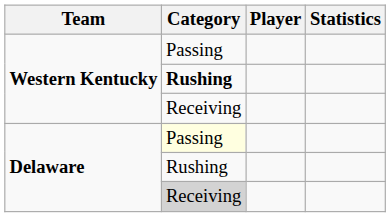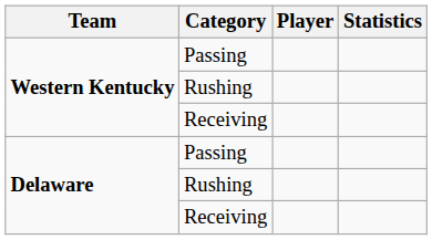 <table class="wikitable" style="float: right;">
 <tr>
 <th>Team</th>
 <th>Category</th>
 <th>Player</th>
 <th>Statistics</th>
 </tr>
 <tr>
 <td rowspan=3><strong>Western Kentucky</strong></td>
 <td>Passing</td>
 <td></td>
 <td></td>
 </tr>
 <tr>
-<td><strong>Rushing</strong></td>
+<td>Rushing</td>
 <td></td>
 <td></td>
 </tr>
 <tr>
 <td>Receiving</td>
 <td></td>
 <td></td>
 </tr>
 <tr>
 <td rowspan=3><strong>Delaware</strong></td>
-<td style="background: lightyellow;">Passing</td>
+<td>Passing</td>
 <td></td>
 <td></td>
 </tr>
 <tr>
 <td>Rushing</td>
 <td></td>
 <td></td>
 </tr>
 <tr>
-<td style="background: lightgrey;">Receiving</td>
+<td>Receiving</td>
 <td></td>
 <td></td>
 </tr>
 </table>
